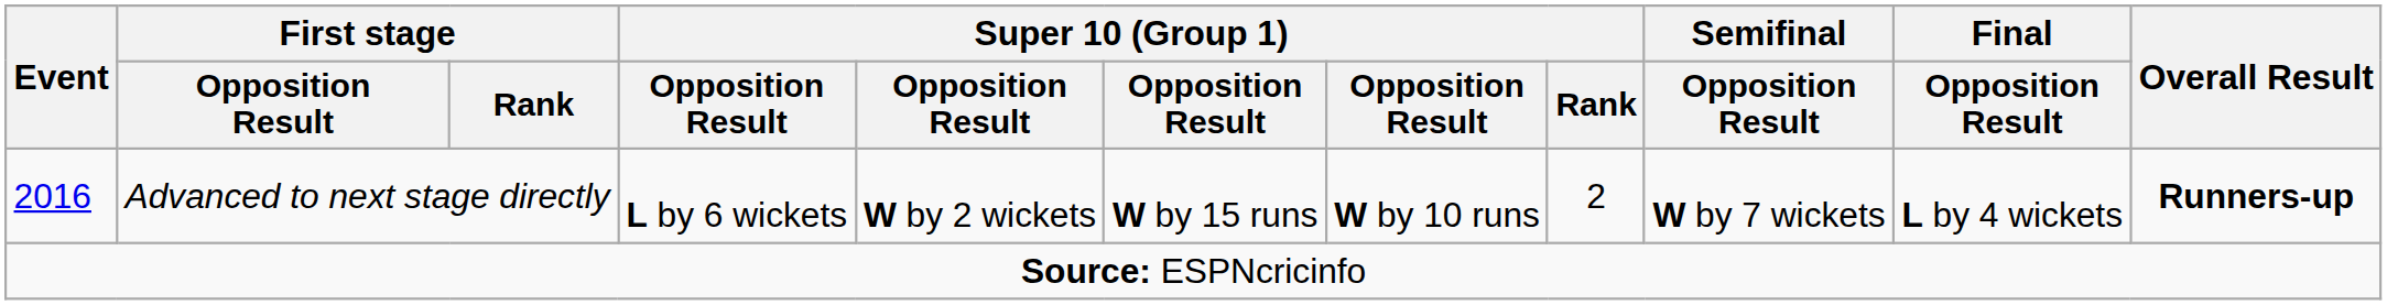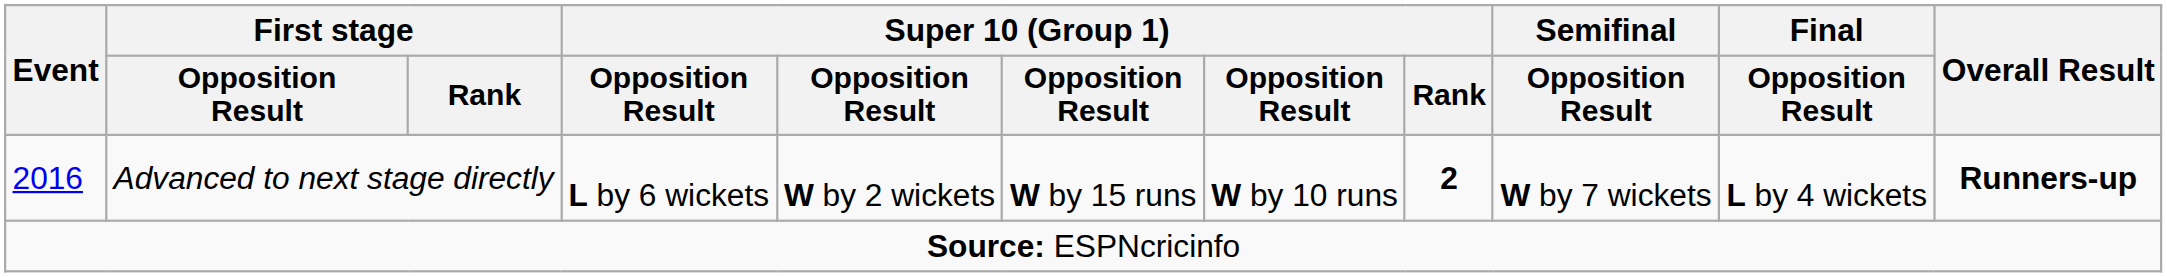 <table class=wikitable style=font-size:90%;text-align:center>
 <tr>
 <th rowspan=2>Event</th>
 <th colspan=2>First stage</th>
 <th colspan=5>Super 10 (Group 1)</th>
 <th>Semifinal</th>
 <th>Final</th>
 <th rowspan=2>Overall Result</th>
 </tr>
 <tr style=font-size:95%>
 <th>Opposition<br>Result</th>
 <th>Rank</th>
 <th>Opposition<br>Result</th>
 <th>Opposition<br>Result</th>
 <th>Opposition<br>Result</th>
 <th>Opposition<br>Result</th>
 <th>Rank</th>
 <th>Opposition<br>Result</th>
 <th>Opposition<br>Result</th>
 </tr>
 <tr>
 <td align=left><a href='#'>2016</a></td>
 <td colspan="2"><em>Advanced to next stage directly</em></td>
 <td><br><strong>L</strong> by 6 wickets</td>
 <td><br><strong>W</strong> by 2 wickets</td>
 <td><br><strong>W</strong> by 15 runs</td>
 <td><br><strong>W</strong> by 10 runs</td>
-<td>2</td>
+<td><strong>2</strong></td>
 <td><br><strong>W</strong> by 7 wickets</td>
 <td><br><strong>L</strong> by 4 wickets</td>
 <td><strong>Runners-up</strong></td>
 </tr>
 <tr>
 <td colspan="11"><strong>Source:</strong> ESPNcricinfo</td>
 </tr>
 </table>
